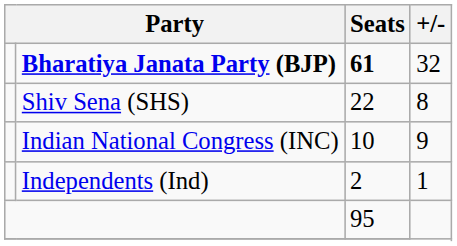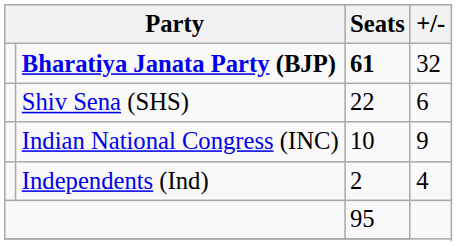 <table class="wikitable">
 <tr>
 <th colspan="2">Party</th>
 <th>Seats</th>
 <th>+/-</th>
 </tr>
 <tr>
 <td style="background-color: "></td>
 <td><strong><a href='#'>Bharatiya Janata Party</a> (BJP)</strong></td>
 <td><strong>61</strong></td>
 <td> 32</td>
 </tr>
 <tr>
 <td style="background-color: "></td>
 <td><a href='#'>Shiv Sena</a> (SHS)</td>
 <td>22</td>
-<td> 8</td>
+<td> 6</td>
 </tr>
 <tr>
 <td style="background-color: "></td>
 <td><a href='#'>Indian National Congress</a> (INC)</td>
 <td>10</td>
 <td> 9</td>
 </tr>
 <tr>
 <td style="background-color: "></td>
 <td><a href='#'>Independents</a> (Ind)</td>
 <td>2</td>
-<td> 1</td>
+<td> 4</td>
 </tr>
 <tr>
 <td colspan="2"></td>
 <td>95</td>
 </tr>
 <tr>
 </tr>
 </table>
